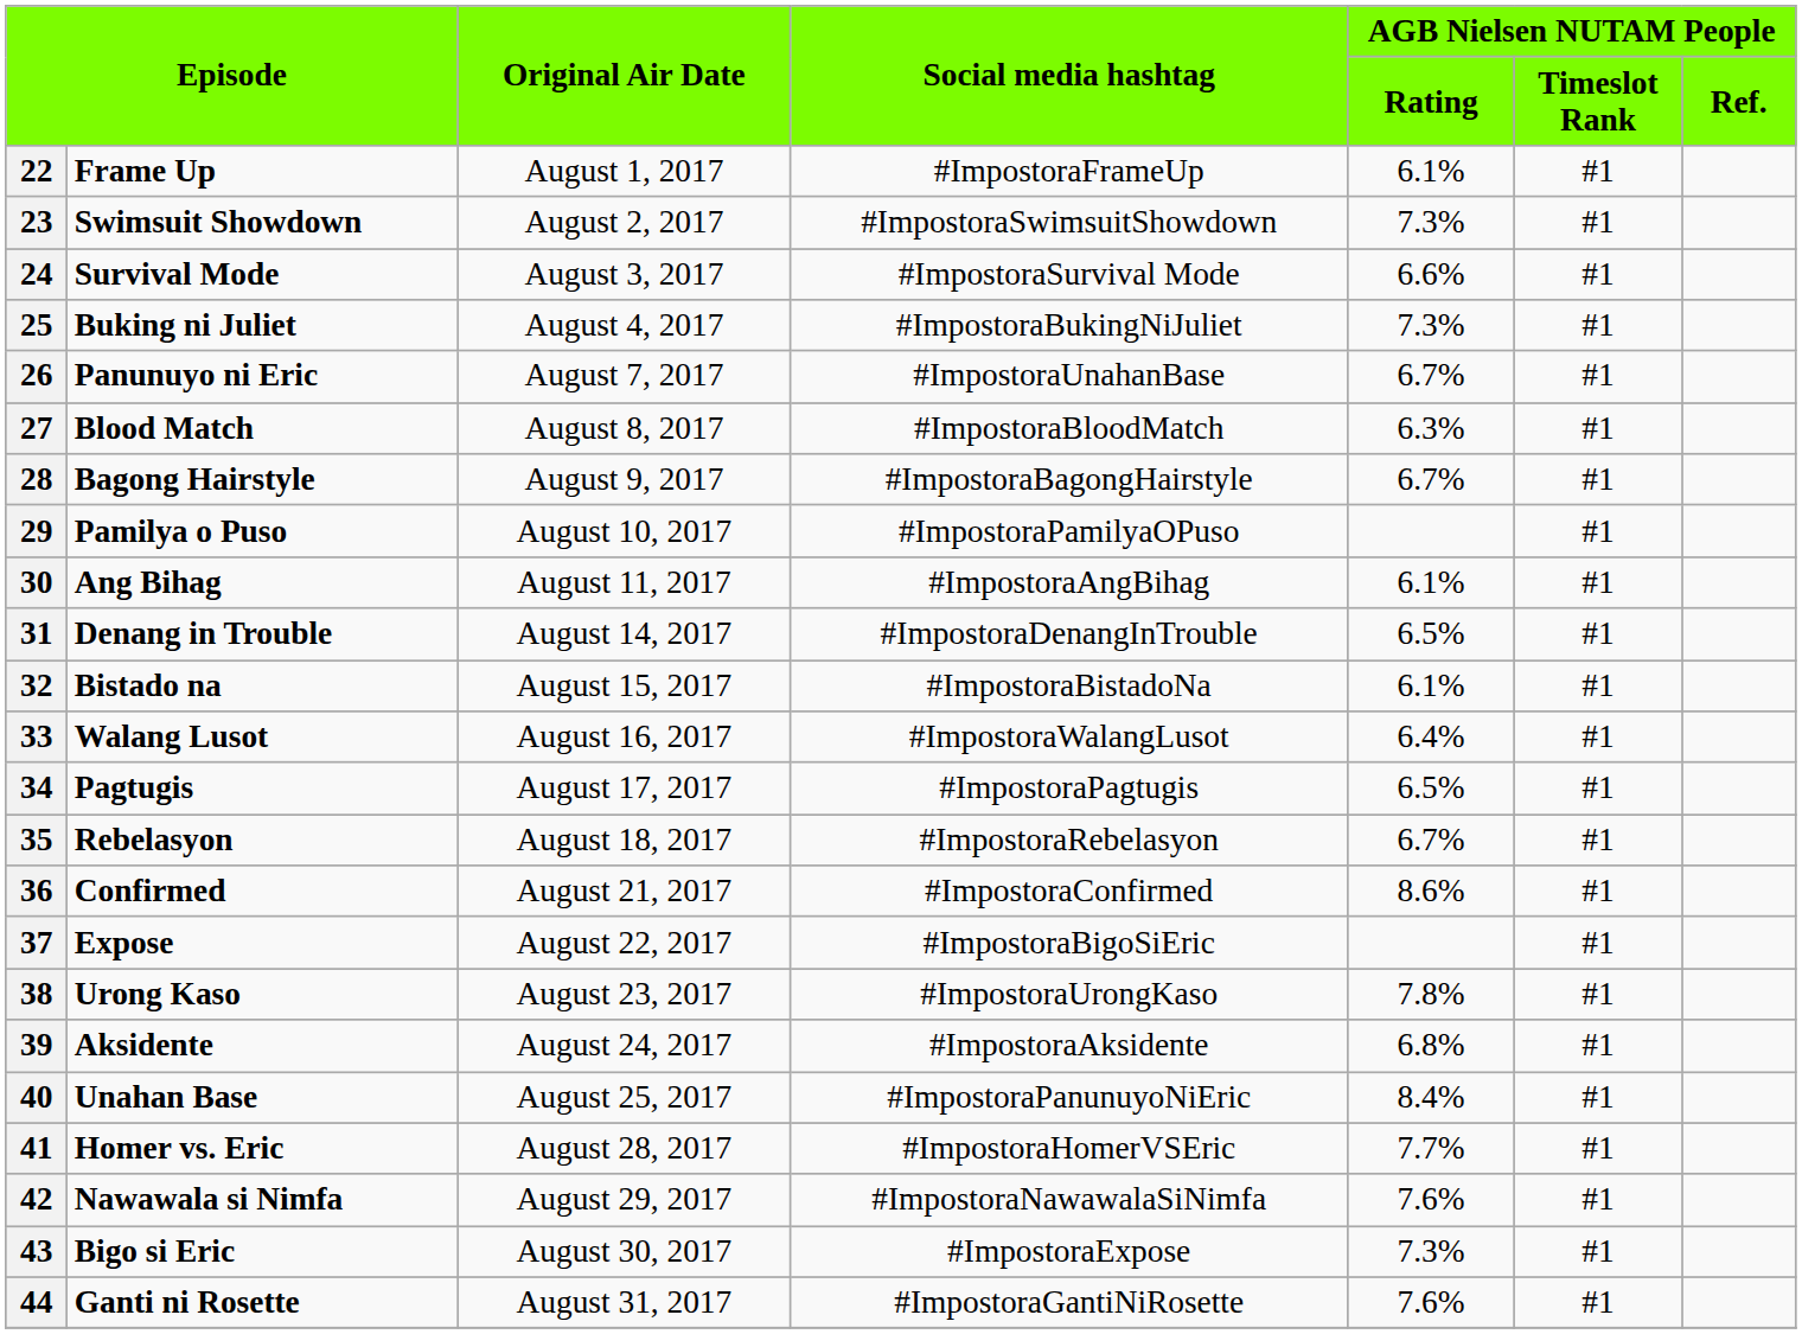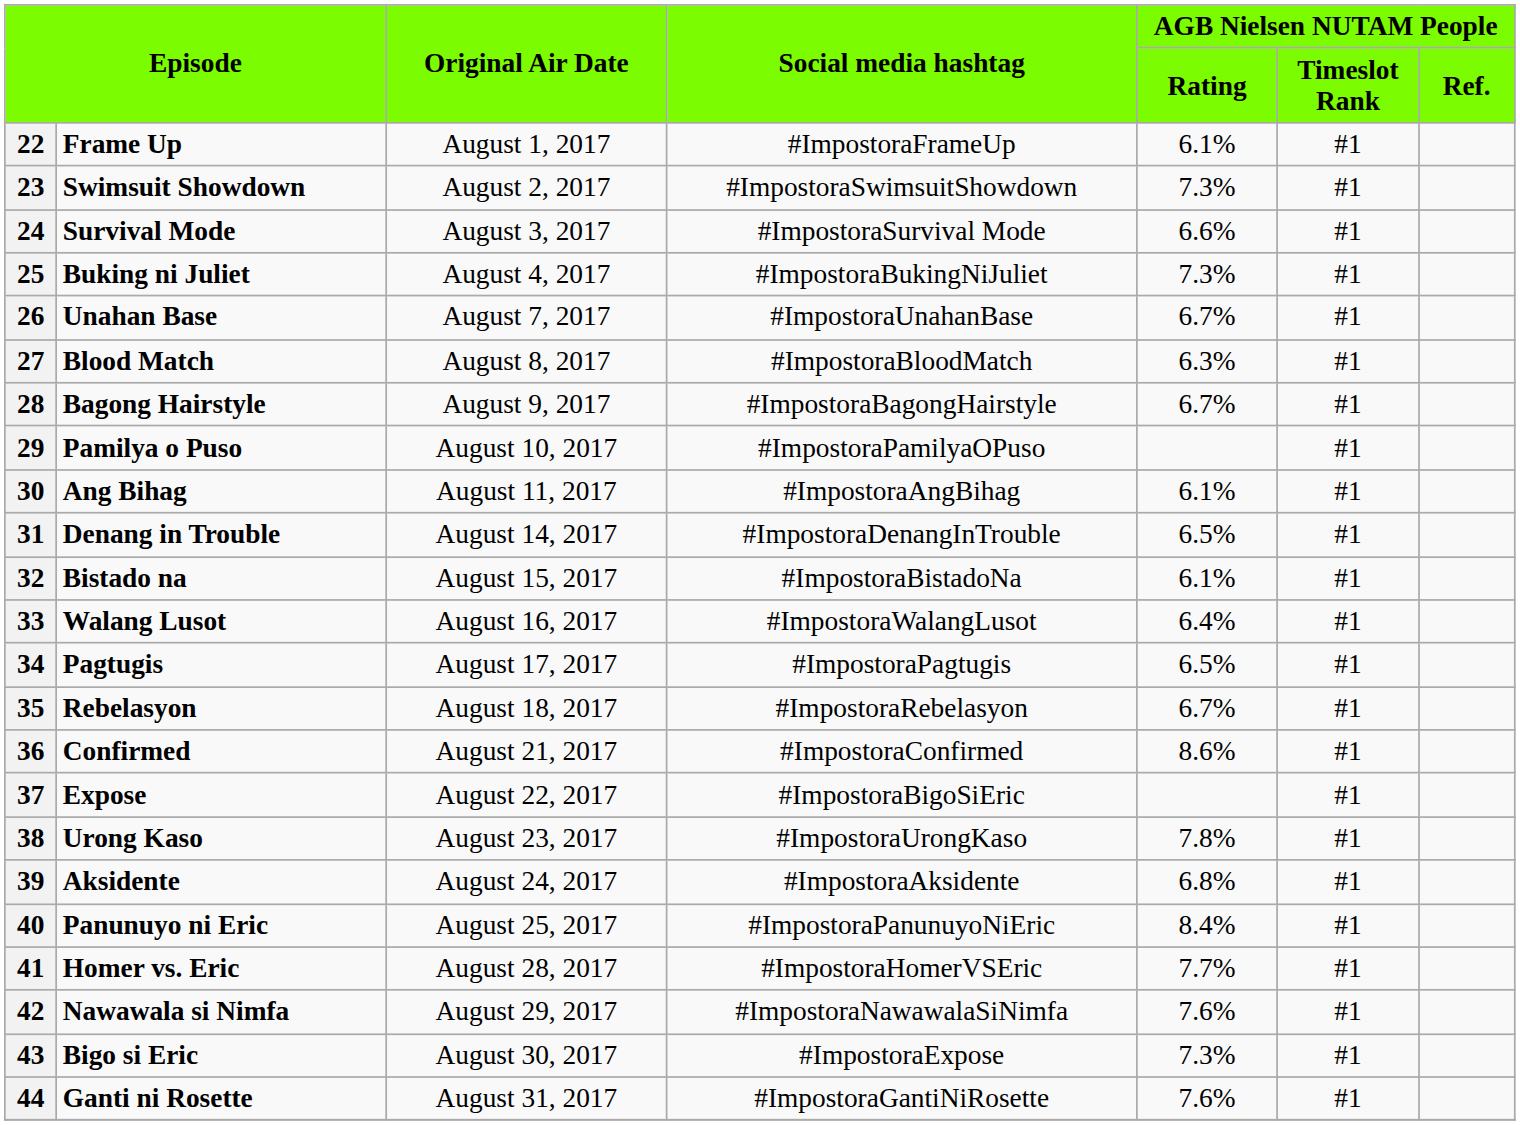 <table class="wikitable" style="text-align:center; font-size:100%; line-height:18px;"  width="100%">
 <tr>
 <th colspan="2" rowspan="2" style="background-color:#7CFC00; color:#000000;">Episode</th>
 <th style="background:#7CFC00; color:black" rowspan="2">Original Air Date</th>
 <th style="background:#7CFC00; color:black" rowspan="2">Social media hashtag</th>
 <th style="background-color:#7CFC00; color:#000000;" colspan="3">AGB Nielsen NUTAM People</th>
 </tr>
 <tr>
 <th style="background-color:#7CFC00; width:75px; color:#000000;">Rating</th>
 <th style="background-color:#7CFC00; width:75px; color:#000000;">Timeslot<br>Rank</th>
 <th style="background-color:#7CFC00; color:#000000;">Ref.</th>
 </tr>
 <tr>
 <th>22</th>
 <td style="text-align: left;"><strong>Frame Up</strong></td>
 <td>August 1, 2017</td>
 <td>#ImpostoraFrameUp</td>
 <td>6.1%</td>
 <td>#1</td>
 <td></td>
 </tr>
 <tr>
 <th>23</th>
 <td style="text-align: left;"><strong>Swimsuit Showdown</strong></td>
 <td>August 2, 2017</td>
 <td>#ImpostoraSwimsuitShowdown</td>
 <td>7.3%</td>
 <td>#1</td>
 <td></td>
 </tr>
 <tr>
 <th>24</th>
 <td style="text-align: left;"><strong>Survival Mode</strong></td>
 <td>August 3, 2017</td>
 <td>#ImpostoraSurvival Mode</td>
 <td>6.6%</td>
 <td>#1</td>
 <td></td>
 </tr>
 <tr>
 <th>25</th>
 <td style="text-align: left;"><strong>Buking ni Juliet</strong></td>
 <td>August 4, 2017</td>
 <td>#ImpostoraBukingNiJuliet</td>
 <td>7.3%</td>
 <td>#1</td>
 <td></td>
 </tr>
 <tr>
 <th>26</th>
-<td style="text-align: left;"><strong>Panunuyo ni Eric</strong></td>
+<td style="text-align: left;"><strong>Unahan Base</strong></td>
 <td>August 7, 2017</td>
 <td>#ImpostoraUnahanBase</td>
 <td>6.7%</td>
 <td>#1</td>
 <td></td>
 </tr>
 <tr>
 <th>27</th>
 <td style="text-align: left;"><strong>Blood Match</strong></td>
 <td>August 8, 2017</td>
 <td>#ImpostoraBloodMatch</td>
 <td>6.3%</td>
 <td>#1</td>
 <td></td>
 </tr>
 <tr>
 <th>28</th>
 <td style="text-align: left;"><strong>Bagong Hairstyle</strong></td>
 <td>August 9, 2017</td>
 <td>#ImpostoraBagongHairstyle</td>
 <td>6.7%</td>
 <td>#1</td>
 <td></td>
 </tr>
 <tr>
 <th>29</th>
 <td style="text-align: left;"><strong>Pamilya o Puso</strong></td>
 <td>August 10, 2017</td>
 <td>#ImpostoraPamilyaOPuso</td>
 <td></td>
 <td>#1</td>
 <td></td>
 </tr>
 <tr>
 <th>30</th>
 <td style="text-align: left;"><strong>Ang Bihag</strong></td>
 <td>August 11, 2017</td>
 <td>#ImpostoraAngBihag</td>
 <td>6.1%</td>
 <td>#1</td>
 <td></td>
 </tr>
 <tr>
 <th>31</th>
 <td style="text-align: left;"><strong>Denang in Trouble</strong></td>
 <td>August 14, 2017</td>
 <td>#ImpostoraDenangInTrouble</td>
 <td>6.5%</td>
 <td>#1</td>
 <td></td>
 </tr>
 <tr>
 <th>32</th>
 <td style="text-align: left;"><strong>Bistado na</strong></td>
 <td>August 15, 2017</td>
 <td>#ImpostoraBistadoNa</td>
 <td>6.1%</td>
 <td>#1</td>
 <td></td>
 </tr>
 <tr>
 <th>33</th>
 <td style="text-align: left;"><strong>Walang Lusot</strong></td>
 <td>August 16, 2017</td>
 <td>#ImpostoraWalangLusot</td>
 <td>6.4%</td>
 <td>#1</td>
 <td></td>
 </tr>
 <tr>
 <th>34</th>
 <td style="text-align: left;"><strong>Pagtugis</strong></td>
 <td>August 17, 2017</td>
 <td>#ImpostoraPagtugis</td>
 <td>6.5%</td>
 <td>#1</td>
 <td></td>
 </tr>
 <tr>
 <th>35</th>
 <td style="text-align: left;"><strong>Rebelasyon</strong></td>
 <td>August 18, 2017</td>
 <td>#ImpostoraRebelasyon</td>
 <td>6.7%</td>
 <td>#1</td>
 <td></td>
 </tr>
 <tr>
 <th>36</th>
 <td style="text-align: left;"><strong>Confirmed</strong></td>
 <td>August 21, 2017</td>
 <td>#ImpostoraConfirmed</td>
 <td>8.6%</td>
 <td>#1</td>
 <td></td>
 </tr>
 <tr>
 <th>37</th>
 <td style="text-align: left;"><strong>Expose</strong></td>
 <td>August 22, 2017</td>
 <td>#ImpostoraBigoSiEric</td>
 <td></td>
 <td>#1</td>
 <td></td>
 </tr>
 <tr>
 <th>38</th>
 <td style="text-align: left;"><strong>Urong Kaso</strong></td>
 <td>August 23, 2017</td>
 <td>#ImpostoraUrongKaso</td>
 <td>7.8%</td>
 <td>#1</td>
 <td></td>
 </tr>
 <tr>
 <th>39</th>
 <td style="text-align: left;"><strong>Aksidente</strong></td>
 <td>August 24, 2017</td>
 <td>#ImpostoraAksidente</td>
 <td>6.8%</td>
 <td>#1</td>
 <td></td>
 </tr>
 <tr>
 <th>40</th>
-<td style="text-align: left;"><strong>Unahan Base</strong></td>
+<td style="text-align: left;"><strong>Panunuyo ni Eric</strong></td>
 <td>August 25, 2017</td>
 <td>#ImpostoraPanunuyoNiEric</td>
 <td>8.4%</td>
 <td>#1</td>
 <td></td>
 </tr>
 <tr>
 <th>41</th>
 <td style="text-align: left;"><strong>Homer vs. Eric</strong></td>
 <td>August 28, 2017</td>
 <td>#ImpostoraHomerVSEric</td>
 <td>7.7%</td>
 <td>#1</td>
 <td></td>
 </tr>
 <tr>
 <th>42</th>
 <td style="text-align: left;"><strong>Nawawala si Nimfa</strong></td>
 <td>August 29, 2017</td>
 <td>#ImpostoraNawawalaSiNimfa</td>
 <td>7.6%</td>
 <td>#1</td>
 <td></td>
 </tr>
 <tr>
 <th>43</th>
 <td style="text-align: left;"><strong>Bigo si Eric</strong></td>
 <td>August 30, 2017</td>
 <td>#ImpostoraExpose</td>
 <td>7.3%</td>
 <td>#1</td>
 <td></td>
 </tr>
 <tr>
 <th>44</th>
 <td style="text-align: left;"><strong>Ganti ni Rosette</strong></td>
 <td>August 31, 2017</td>
 <td>#ImpostoraGantiNiRosette</td>
 <td>7.6%</td>
 <td>#1</td>
 <td></td>
 </tr>
 <tr>
 </tr>
 </table>
